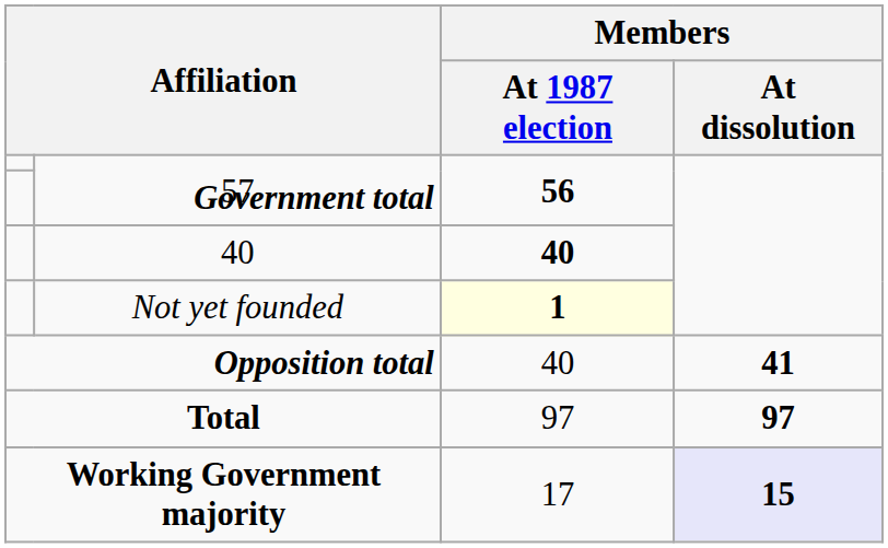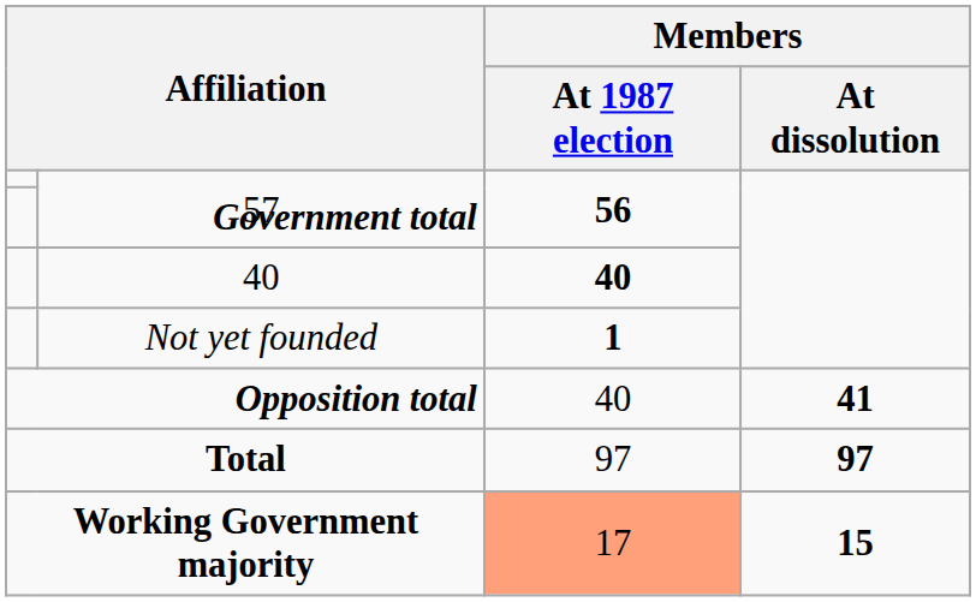 <table class="wikitable" border="1" style="font-size:95%; width:300pt; text-align:center">
 <tr>
 <th colspan="2" rowspan="2" style="text-align:center;vertical-align:middle; ">Affiliation</th>
 <th colspan="2" style="vertical-align:top;">Members</th>
 </tr>
 <tr>
 <th>At <a href='#'>1987 election</a></th>
 <th>At dissolution</th>
 </tr>
 <tr>
 <td></td>
 <td rowspan="2">57</td>
 <td rowspan="2"><strong>56</strong></td>
 </tr>
 <tr>
 <td colspan="2" rowspan="1" style="text-align:right; "><strong><em>Government total</em></strong></td>
 </tr>
 <tr>
 <td></td>
 <td>40</td>
 <td><strong>40</strong></td>
 </tr>
 <tr>
 <td></td>
 <td><em>Not yet founded</em></td>
-<td style="background: lightyellow;"><strong>1</strong></td>
+<td><strong>1</strong></td>
 </tr>
 <tr>
 <td colspan="2" rowspan="1" style="text-align:right; "><strong><em>Opposition total</em></strong></td>
 <td>40</td>
 <td><strong>41</strong></td>
 </tr>
 <tr>
 <td colspan="2" rowspan="1"><strong>Total</strong><br></td>
 <td>97</td>
 <td><strong>97</strong></td>
 </tr>
 <tr>
 <td colspan="2" rowspan="1"><strong>Working Government majority</strong></td>
-<td>17</td>
-<td style="background: lavender;"><strong>15</strong></td>
+<td style="background: lightsalmon;">17</td>
+<td><strong>15</strong></td>
 </tr>
 </table>
